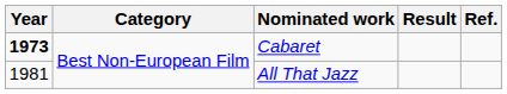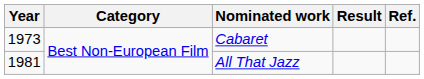 <table class="wikitable">
 <tr>
 <th>Year</th>
 <th>Category</th>
 <th>Nominated work</th>
 <th>Result</th>
 <th>Ref.</th>
 </tr>
 <tr>
-<td><strong>1973</strong></td>
+<td>1973</td>
 <td rowspan="2"><a href='#'>Best Non-European Film</a></td>
 <td><em><a href='#'>Cabaret</a></em></td>
 <td></td>
 <td align="center"></td>
 </tr>
 <tr>
 <td>1981</td>
 <td><em><a href='#'>All That Jazz</a></em></td>
 <td></td>
 <td align="center"></td>
 </tr>
 </table>
